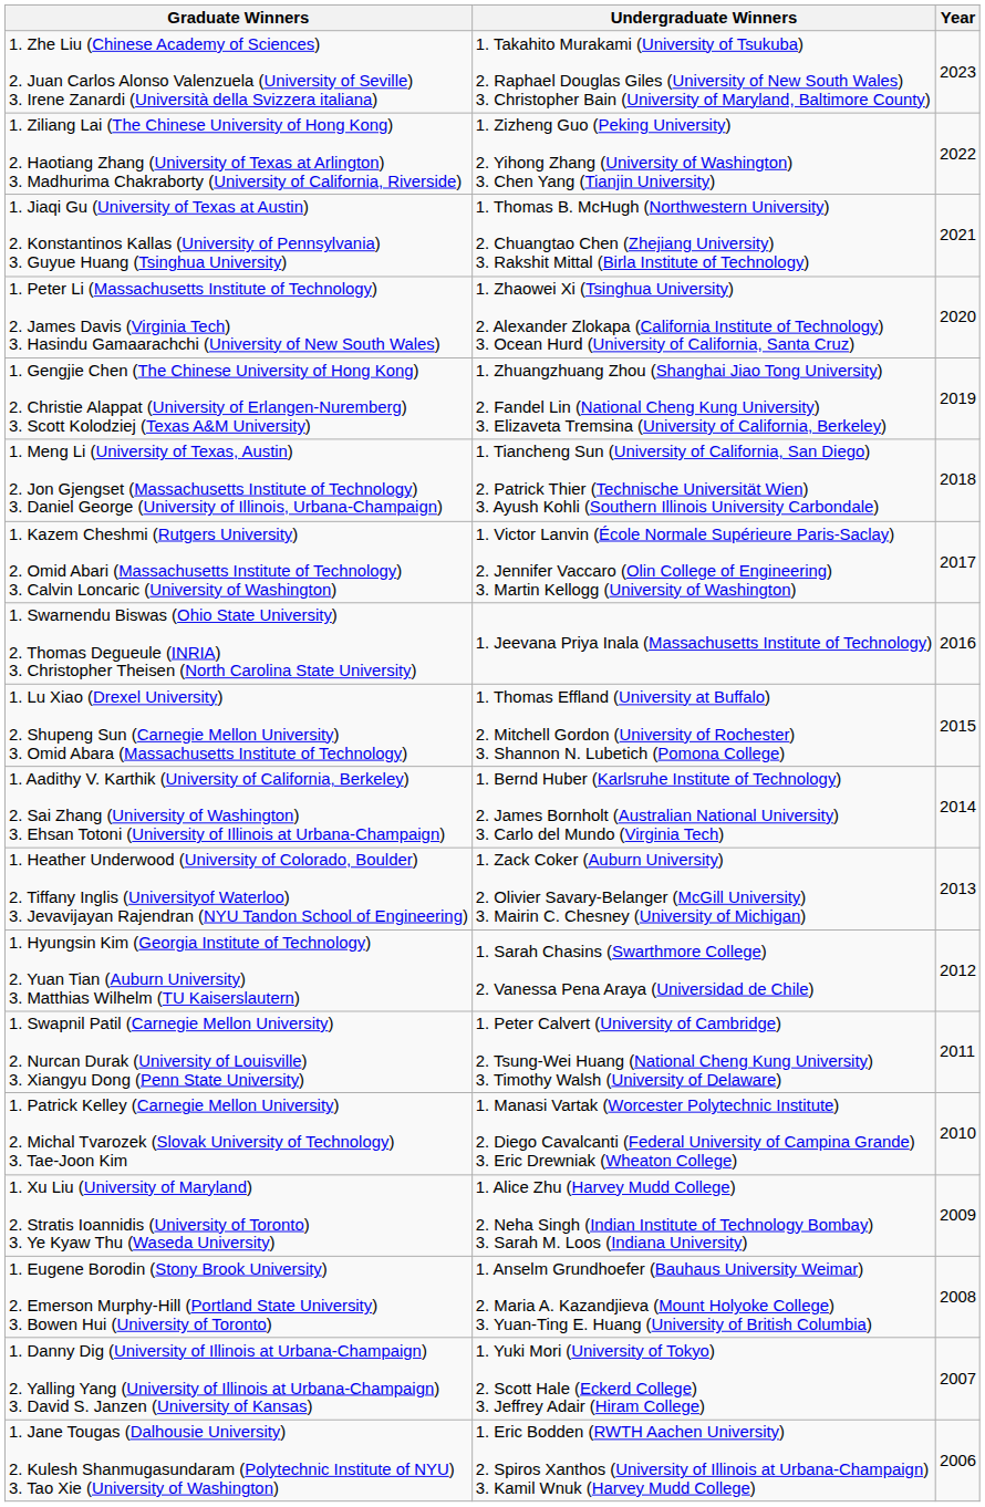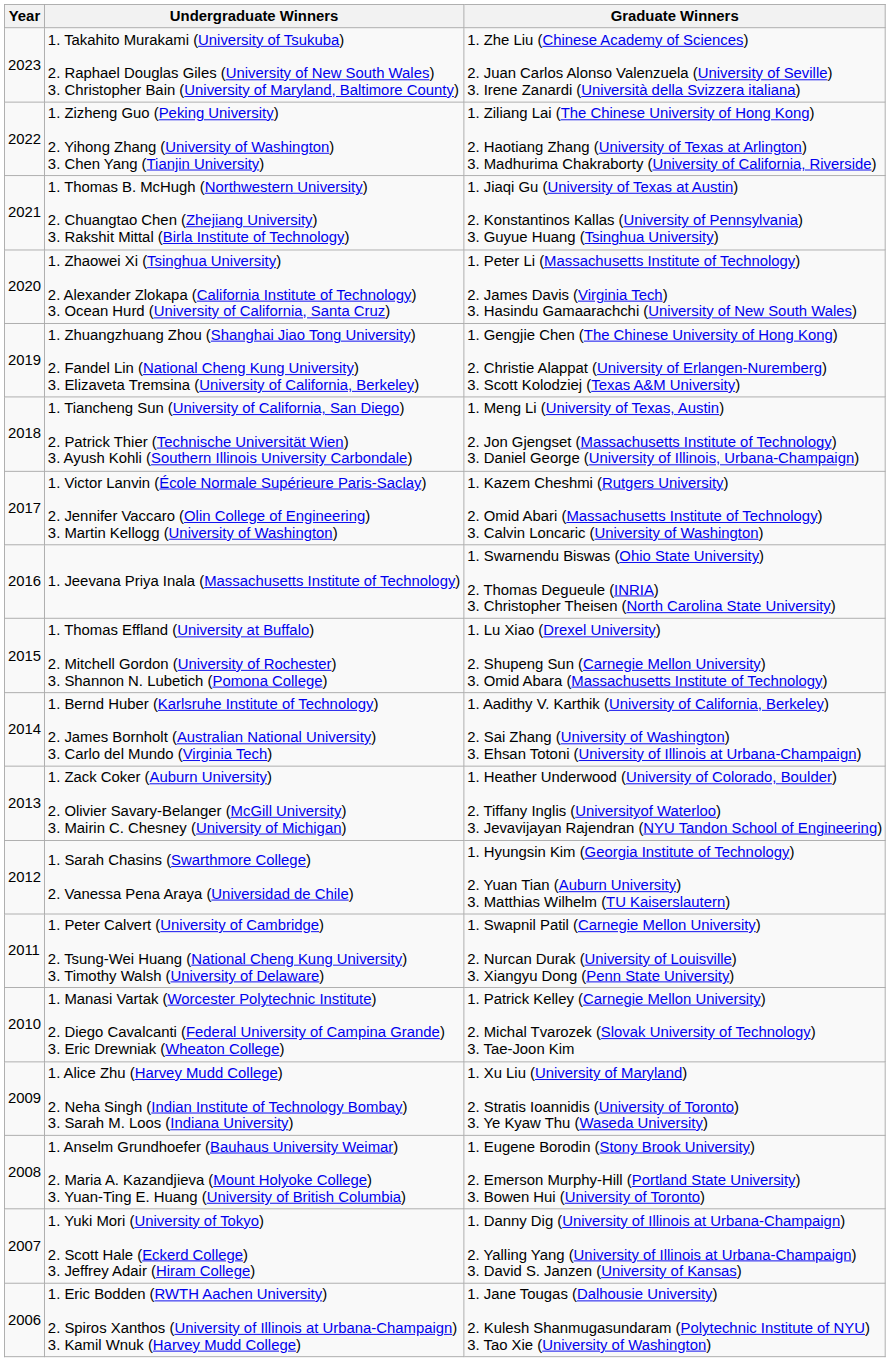 <table class="wikitable sortable">
 <tr>
+<th>Year</th>
+<th>Undergraduate Winners</th>
 <th>Graduate Winners</th>
-<th>Undergraduate Winners</th>
-<th>Year</th>
 </tr>
 <tr>
+<td>2023</td>
+<td>1. Takahito Murakami (<a href='#'>University of Tsukuba</a>)<br><br>2. Raphael Douglas Giles (<a href='#'>University of New South Wales</a>)<br> 3. Christopher Bain (<a href='#'>University of Maryland, Baltimore County</a>)</td>
 <td>1. Zhe Liu (<a href='#'>Chinese Academy of Sciences</a>)<br><br>2. Juan Carlos Alonso Valenzuela (<a href='#'>University of Seville</a>)<br> 3. Irene Zanardi (<a href='#'>Università della Svizzera italiana</a>)</td>
-<td>1. Takahito Murakami (<a href='#'>University of Tsukuba</a>)<br><br>2. Raphael Douglas Giles (<a href='#'>University of New South Wales</a>)<br> 3. Christopher Bain (<a href='#'>University of Maryland, Baltimore County</a>)</td>
-<td>2023</td>
 </tr>
 <tr>
+<td>2022</td>
+<td>1. Zizheng Guo (<a href='#'>Peking University</a>)<br><br>2. Yihong Zhang (<a href='#'>University of Washington</a>)<br> 3. Chen Yang (<a href='#'>Tianjin University</a>)</td>
 <td>1. Ziliang Lai (<a href='#'>The Chinese University of Hong Kong</a>)<br><br>2. Haotiang Zhang (<a href='#'>University of Texas at Arlington</a>)<br> 3. Madhurima Chakraborty (<a href='#'>University of California, Riverside</a>)</td>
-<td>1. Zizheng Guo (<a href='#'>Peking University</a>)<br><br>2. Yihong Zhang (<a href='#'>University of Washington</a>)<br> 3. Chen Yang (<a href='#'>Tianjin University</a>)</td>
-<td>2022</td>
 </tr>
 <tr>
+<td>2021</td>
+<td>1. Thomas B. McHugh (<a href='#'>Northwestern University</a>)<br><br>2. Chuangtao Chen (<a href='#'>Zhejiang University</a>)<br> 3. Rakshit Mittal (<a href='#'>Birla Institute of Technology</a>)</td>
 <td>1. Jiaqi Gu (<a href='#'>University of Texas at Austin</a>)<br><br>2. Konstantinos Kallas (<a href='#'>University of Pennsylvania</a>)<br> 3. Guyue Huang (<a href='#'>Tsinghua University</a>)</td>
-<td>1. Thomas B. McHugh (<a href='#'>Northwestern University</a>)<br><br>2. Chuangtao Chen (<a href='#'>Zhejiang University</a>)<br> 3. Rakshit Mittal (<a href='#'>Birla Institute of Technology</a>)</td>
-<td>2021</td>
 </tr>
 <tr>
+<td>2020</td>
+<td>1. Zhaowei Xi (<a href='#'>Tsinghua University</a>)<br><br>2. Alexander Zlokapa (<a href='#'>California Institute of Technology</a>)<br> 3. Ocean Hurd (<a href='#'>University of California, Santa Cruz</a>)</td>
 <td>1. Peter Li (<a href='#'>Massachusetts Institute of Technology</a>)<br><br>2. James Davis (<a href='#'>Virginia Tech</a>)<br> 3. Hasindu Gamaarachchi (<a href='#'>University of New South Wales</a>)</td>
-<td>1. Zhaowei Xi (<a href='#'>Tsinghua University</a>)<br><br>2. Alexander Zlokapa (<a href='#'>California Institute of Technology</a>)<br> 3. Ocean Hurd (<a href='#'>University of California, Santa Cruz</a>)</td>
-<td>2020</td>
 </tr>
 <tr>
+<td>2019</td>
+<td>1. Zhuangzhuang Zhou (<a href='#'>Shanghai Jiao Tong University</a>)<br><br>2. Fandel Lin (<a href='#'>National Cheng Kung University</a>)<br> 3. Elizaveta Tremsina (<a href='#'>University of California, Berkeley</a>)</td>
 <td>1. Gengjie Chen (<a href='#'>The Chinese University of Hong Kong</a>)<br><br>2. Christie Alappat (<a href='#'>University of Erlangen-Nuremberg</a>)<br> 3. Scott Kolodziej (<a href='#'>Texas A&M University</a>)</td>
-<td>1. Zhuangzhuang Zhou (<a href='#'>Shanghai Jiao Tong University</a>)<br><br>2. Fandel Lin (<a href='#'>National Cheng Kung University</a>)<br> 3. Elizaveta Tremsina (<a href='#'>University of California, Berkeley</a>)</td>
-<td>2019</td>
 </tr>
 <tr>
+<td>2018</td>
+<td>1. Tiancheng Sun (<a href='#'>University of California, San Diego</a>)<br><br>2. Patrick Thier (<a href='#'>Technische Universität Wien</a>)<br> 3. Ayush Kohli (<a href='#'>Southern Illinois University Carbondale</a>)</td>
 <td>1. Meng Li (<a href='#'>University of Texas, Austin</a>)<br><br>2. Jon Gjengset (<a href='#'>Massachusetts Institute of Technology</a>)<br> 3. Daniel George (<a href='#'>University of Illinois, Urbana-Champaign</a>)</td>
-<td>1. Tiancheng Sun (<a href='#'>University of California, San Diego</a>)<br><br>2. Patrick Thier (<a href='#'>Technische Universität Wien</a>)<br> 3. Ayush Kohli (<a href='#'>Southern Illinois University Carbondale</a>)</td>
-<td>2018</td>
 </tr>
 <tr>
+<td>2017</td>
+<td>1. Victor Lanvin (<a href='#'>École Normale Supérieure Paris-Saclay</a>)<br><br>2. Jennifer Vaccaro (<a href='#'>Olin College of Engineering</a>)<br> 3. Martin Kellogg (<a href='#'>University of Washington</a>)</td>
 <td>1. Kazem Cheshmi (<a href='#'>Rutgers University</a>)<br><br>2. Omid Abari (<a href='#'>Massachusetts Institute of Technology</a>)<br> 3. Calvin Loncaric (<a href='#'>University of Washington</a>)</td>
-<td>1. Victor Lanvin (<a href='#'>École Normale Supérieure Paris-Saclay</a>)<br><br>2. Jennifer Vaccaro (<a href='#'>Olin College of Engineering</a>)<br> 3. Martin Kellogg (<a href='#'>University of Washington</a>)</td>
-<td>2017</td>
 </tr>
 <tr>
+<td>2016</td>
+<td>1. Jeevana Priya Inala (<a href='#'>Massachusetts Institute of Technology</a>)<br></td>
 <td>1. Swarnendu Biswas (<a href='#'>Ohio State University</a>)<br><br>2. Thomas Degueule (<a href='#'>INRIA</a>)<br> 3. Christopher Theisen (<a href='#'>North Carolina State University</a>)</td>
-<td>1. Jeevana Priya Inala (<a href='#'>Massachusetts Institute of Technology</a>)<br></td>
-<td>2016</td>
 </tr>
 <tr>
+<td>2015</td>
+<td>1. Thomas Effland (<a href='#'>University at Buffalo</a>)<br><br>2. Mitchell Gordon (<a href='#'>University of Rochester</a>)<br> 3. Shannon N. Lubetich (<a href='#'>Pomona College</a>)</td>
 <td>1. Lu Xiao (<a href='#'>Drexel University</a>)<br><br>2. Shupeng Sun (<a href='#'>Carnegie Mellon University</a>)<br> 3. Omid Abara (<a href='#'>Massachusetts Institute of Technology</a>)</td>
-<td>1. Thomas Effland (<a href='#'>University at Buffalo</a>)<br><br>2. Mitchell Gordon (<a href='#'>University of Rochester</a>)<br> 3. Shannon N. Lubetich (<a href='#'>Pomona College</a>)</td>
-<td>2015</td>
 </tr>
 <tr>
+<td>2014</td>
+<td>1. Bernd Huber (<a href='#'>Karlsruhe Institute of Technology</a>)<br><br>2. James Bornholt (<a href='#'>Australian National University</a>)<br> 3. Carlo del Mundo (<a href='#'>Virginia Tech</a>)</td>
 <td>1. Aadithy V. Karthik (<a href='#'>University of California, Berkeley</a>)<br><br>2. Sai Zhang (<a href='#'>University of Washington</a>)<br> 3. Ehsan Totoni (<a href='#'>University of Illinois at Urbana-Champaign</a>)</td>
-<td>1. Bernd Huber (<a href='#'>Karlsruhe Institute of Technology</a>)<br><br>2. James Bornholt (<a href='#'>Australian National University</a>)<br> 3. Carlo del Mundo (<a href='#'>Virginia Tech</a>)</td>
-<td>2014</td>
 </tr>
 <tr>
+<td>2013</td>
+<td>1. Zack Coker (<a href='#'>Auburn University</a>)<br><br>2. Olivier Savary-Belanger (<a href='#'>McGill University</a>)<br> 3. Mairin C. Chesney (<a href='#'>University of Michigan</a>)</td>
 <td>1. Heather Underwood (<a href='#'>University of Colorado, Boulder</a>)<br><br>2. Tiffany Inglis (<a href='#'>Universityof Waterloo</a>)<br> 3. Jevavijayan Rajendran (<a href='#'>NYU Tandon School of Engineering</a>)</td>
-<td>1. Zack Coker (<a href='#'>Auburn University</a>)<br><br>2. Olivier Savary-Belanger (<a href='#'>McGill University</a>)<br> 3. Mairin C. Chesney (<a href='#'>University of Michigan</a>)</td>
-<td>2013</td>
 </tr>
 <tr>
+<td>2012</td>
+<td>1. Sarah Chasins (<a href='#'>Swarthmore College</a>)<br><br>2. Vanessa Pena Araya (<a href='#'>Universidad de Chile</a>)</td>
 <td>1. Hyungsin Kim (<a href='#'>Georgia Institute of Technology</a>)<br><br>2. Yuan Tian (<a href='#'>Auburn University</a>)<br> 3. Matthias Wilhelm (<a href='#'>TU Kaiserslautern</a>)</td>
-<td>1. Sarah Chasins (<a href='#'>Swarthmore College</a>)<br><br>2. Vanessa Pena Araya (<a href='#'>Universidad de Chile</a>)</td>
-<td>2012</td>
 </tr>
 <tr>
+<td>2011</td>
+<td>1. Peter Calvert (<a href='#'>University of Cambridge</a>)<br><br>2. Tsung-Wei Huang (<a href='#'>National Cheng Kung University</a>)<br> 3. Timothy Walsh (<a href='#'>University of Delaware</a>)</td>
 <td>1. Swapnil Patil (<a href='#'>Carnegie Mellon University</a>)<br><br>2. Nurcan Durak (<a href='#'>University of Louisville</a>)<br> 3. Xiangyu Dong (<a href='#'>Penn State University</a>)</td>
-<td>1. Peter Calvert (<a href='#'>University of Cambridge</a>)<br><br>2. Tsung-Wei Huang (<a href='#'>National Cheng Kung University</a>)<br> 3. Timothy Walsh (<a href='#'>University of Delaware</a>)</td>
-<td>2011</td>
 </tr>
 <tr>
+<td>2010</td>
+<td>1. Manasi Vartak (<a href='#'>Worcester Polytechnic Institute</a>)<br><br>2. Diego Cavalcanti (<a href='#'>Federal University of Campina Grande</a>)<br> 3. Eric Drewniak (<a href='#'>Wheaton College</a>)</td>
 <td>1. Patrick Kelley (<a href='#'>Carnegie Mellon University</a>)<br><br>2. Michal Tvarozek (<a href='#'>Slovak University of Technology</a>)<br> 3. Tae-Joon Kim</td>
-<td>1. Manasi Vartak (<a href='#'>Worcester Polytechnic Institute</a>)<br><br>2. Diego Cavalcanti (<a href='#'>Federal University of Campina Grande</a>)<br> 3. Eric Drewniak (<a href='#'>Wheaton College</a>)</td>
-<td>2010</td>
 </tr>
 <tr>
+<td>2009</td>
+<td>1. Alice Zhu (<a href='#'>Harvey Mudd College</a>)<br><br>2. Neha Singh (<a href='#'>Indian Institute of Technology Bombay</a>)<br> 3. Sarah M. Loos (<a href='#'>Indiana University</a>)</td>
 <td>1. Xu Liu (<a href='#'>University of Maryland</a>)<br><br>2. Stratis Ioannidis (<a href='#'>University of Toronto</a>)<br> 3. Ye Kyaw Thu (<a href='#'>Waseda University</a>)</td>
-<td>1. Alice Zhu (<a href='#'>Harvey Mudd College</a>)<br><br>2. Neha Singh (<a href='#'>Indian Institute of Technology Bombay</a>)<br> 3. Sarah M. Loos (<a href='#'>Indiana University</a>)</td>
-<td>2009</td>
 </tr>
 <tr>
+<td>2008</td>
+<td>1. Anselm Grundhoefer (<a href='#'>Bauhaus University Weimar</a>)<br><br>2. Maria A. Kazandjieva (<a href='#'>Mount Holyoke College</a>)<br> 3. Yuan-Ting E. Huang (<a href='#'>University of British Columbia</a>)</td>
 <td>1. Eugene Borodin (<a href='#'>Stony Brook University</a>)<br><br>2. Emerson Murphy-Hill (<a href='#'>Portland State University</a>)<br> 3. Bowen Hui (<a href='#'>University of Toronto</a>)</td>
-<td>1. Anselm Grundhoefer (<a href='#'>Bauhaus University Weimar</a>)<br><br>2. Maria A. Kazandjieva (<a href='#'>Mount Holyoke College</a>)<br> 3. Yuan-Ting E. Huang (<a href='#'>University of British Columbia</a>)</td>
-<td>2008</td>
 </tr>
 <tr>
+<td>2007</td>
+<td>1. Yuki Mori (<a href='#'>University of Tokyo</a>)<br><br>2. Scott Hale (<a href='#'>Eckerd College</a>)<br> 3. Jeffrey Adair (<a href='#'>Hiram College</a>)</td>
 <td>1. Danny Dig (<a href='#'>University of Illinois at Urbana-Champaign</a>)<br><br>2. Yalling Yang (<a href='#'>University of Illinois at Urbana-Champaign</a>)<br> 3. David S. Janzen (<a href='#'>University of Kansas</a>)</td>
-<td>1. Yuki Mori (<a href='#'>University of Tokyo</a>)<br><br>2. Scott Hale (<a href='#'>Eckerd College</a>)<br> 3. Jeffrey Adair (<a href='#'>Hiram College</a>)</td>
-<td>2007</td>
 </tr>
 <tr>
+<td>2006</td>
+<td>1. Eric Bodden (<a href='#'>RWTH Aachen University</a>)<br><br>2. Spiros Xanthos (<a href='#'>University of Illinois at Urbana-Champaign</a>)<br> 3. Kamil Wnuk (<a href='#'>Harvey Mudd College</a>)</td>
 <td>1. Jane Tougas (<a href='#'>Dalhousie University</a>)<br><br>2. Kulesh Shanmugasundaram (<a href='#'>Polytechnic Institute of NYU</a>)<br> 3. Tao Xie (<a href='#'>University of Washington</a>)</td>
-<td>1. Eric Bodden (<a href='#'>RWTH Aachen University</a>)<br><br>2. Spiros Xanthos (<a href='#'>University of Illinois at Urbana-Champaign</a>)<br> 3. Kamil Wnuk (<a href='#'>Harvey Mudd College</a>)</td>
-<td>2006</td>
 </tr>
 </table>
